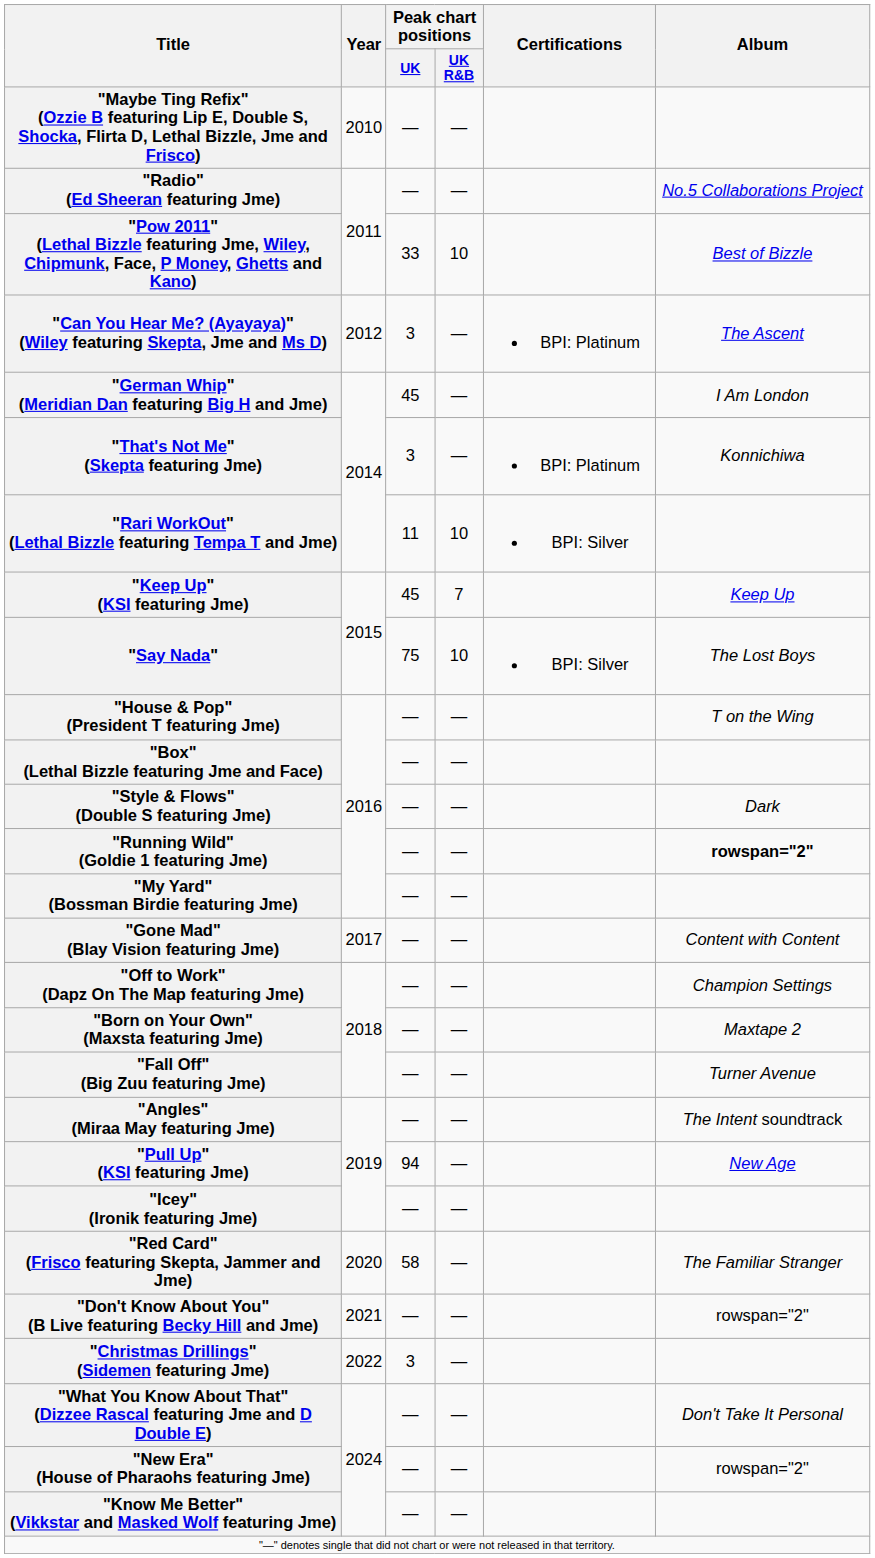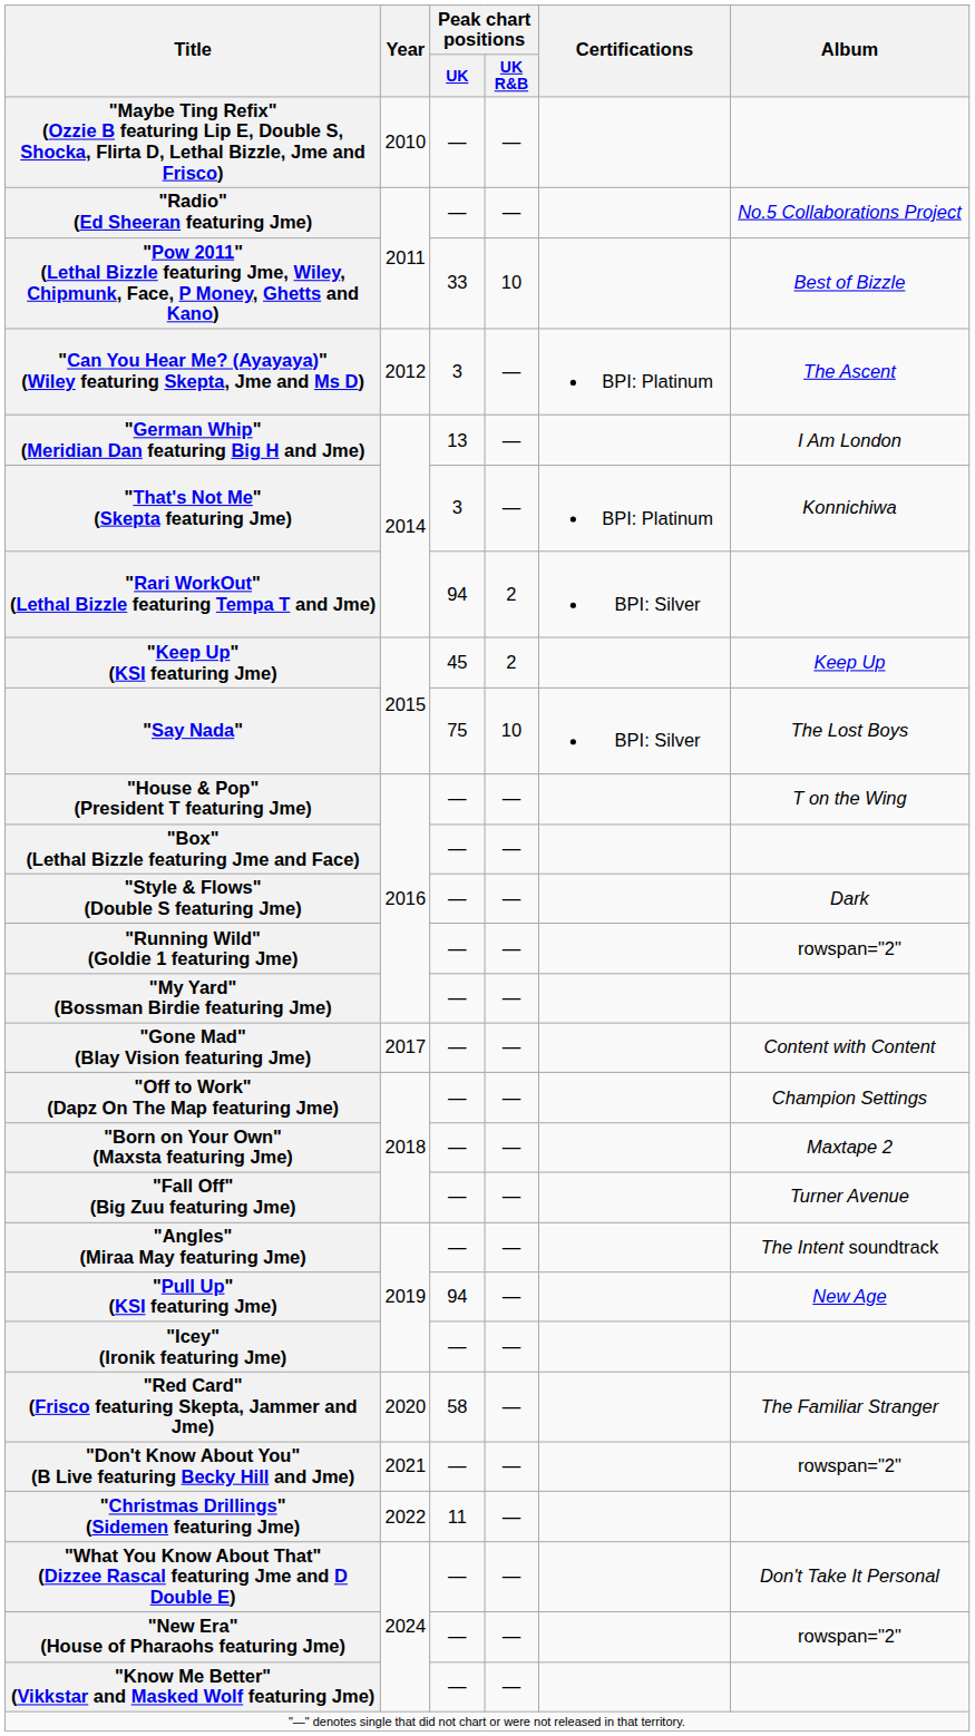 <table class="wikitable plainrowheaders" style="text-align:center;">
 <tr>
 <th scope="col" rowspan="2" style="width:20em;">Title</th>
 <th scope="col" rowspan="2" style="width:1em;">Year</th>
 <th scope="col" colspan="2">Peak chart positions</th>
 <th scope="col" rowspan="2" style="width:10em;">Certifications</th>
 <th scope="col" rowspan="2" style="width:12.5em;">Album</th>
 </tr>
 <tr>
 <th scope="col" style="width:3em;font-size:85%;"><a href='#'>UK</a><br></th>
 <th scope="col" style="width:3em;font-size:85%;"><a href='#'>UK<br>R&B</a></th>
 </tr>
 <tr>
 <th scope="row">"Maybe Ting Refix" <br><span> (<a href='#'>Ozzie B</a> featuring Lip E, Double S, <a href='#'>Shocka</a>, Flirta D, Lethal Bizzle, Jme and <a href='#'>Frisco</a>) </span></th>
 <td>2010</td>
 <td>—</td>
 <td>—</td>
 <td></td>
 <td></td>
 </tr>
 <tr>
 <th scope="row">"Radio"<br><span>(<a href='#'>Ed Sheeran</a> featuring Jme)</span></th>
 <td rowspan="2">2011</td>
 <td>—</td>
 <td>—</td>
 <td></td>
 <td><em><a href='#'>No.5 Collaborations Project</a></em></td>
 </tr>
 <tr>
 <th scope="row">"<a href='#'>Pow 2011</a>"<br><span>(<a href='#'>Lethal Bizzle</a> featuring Jme, <a href='#'>Wiley</a>, <a href='#'>Chipmunk</a>, Face, <a href='#'>P Money</a>, <a href='#'>Ghetts</a> and <a href='#'>Kano</a>)</span></th>
 <td>33</td>
 <td>10</td>
 <td></td>
 <td><em><a href='#'>Best of Bizzle</a></em></td>
 </tr>
 <tr>
 <th scope="row">"<a href='#'>Can You Hear Me? (Ayayaya)</a>"<br><span>(<a href='#'>Wiley</a> featuring <a href='#'>Skepta</a>, Jme and <a href='#'>Ms D</a>)</span></th>
 <td>2012</td>
 <td>3</td>
 <td>—</td>
 <td><br><ul><li>BPI: Platinum</li></ul></td>
 <td><em><a href='#'>The Ascent</a></em></td>
 </tr>
 <tr>
 <th scope="row">"<a href='#'>German Whip</a>" <br><span>(<a href='#'>Meridian Dan</a> featuring <a href='#'>Big H</a> and Jme)</span></th>
 <td rowspan="3">2014</td>
-<td>45</td>
+<td>13</td>
 <td>—</td>
 <td></td>
 <td><em>I Am London</em></td>
 </tr>
 <tr>
 <th scope="row">"<a href='#'>That's Not Me</a>"<br><span>(<a href='#'>Skepta</a> featuring Jme)</span></th>
 <td>3</td>
 <td>—</td>
 <td><br><ul><li>BPI: Platinum</li></ul></td>
 <td><em>Konnichiwa</em></td>
 </tr>
 <tr>
 <th scope="row">"<a href='#'>Rari WorkOut</a>"<br><span>(<a href='#'>Lethal Bizzle</a> featuring <a href='#'>Tempa T</a> and Jme)</span></th>
-<td>11</td>
-<td>10</td>
+<td>94</td>
+<td>2</td>
 <td><br><ul><li>BPI: Silver</li></ul></td>
 <td></td>
 </tr>
 <tr>
 <th scope="row">"<a href='#'>Keep Up</a>"<br><span>(<a href='#'>KSI</a> featuring Jme)</span></th>
 <td rowspan="2">2015</td>
 <td>45</td>
-<td>7</td>
+<td>2</td>
 <td></td>
 <td><em><a href='#'>Keep Up</a></em></td>
 </tr>
 <tr>
 <th scope="row">"<a href='#'>Say Nada</a>"<br> </th>
 <td>75</td>
 <td>10</td>
 <td><br><ul><li>BPI: Silver</li></ul></td>
 <td><em>The Lost Boys</em></td>
 </tr>
 <tr>
 <th scope="row">"House & Pop"<br><span>(President T featuring Jme)</span></th>
 <td rowspan="5">2016</td>
 <td>—</td>
 <td>—</td>
 <td></td>
 <td><em>T on the Wing</em></td>
 </tr>
 <tr>
 <th scope="row">"Box"<br><span>(Lethal Bizzle featuring Jme and Face)</span></th>
 <td>—</td>
 <td>—</td>
 <td></td>
 <td></td>
 </tr>
 <tr>
 <th scope="row">"Style & Flows"<br><span>(Double S featuring Jme)</span></th>
 <td>—</td>
 <td>—</td>
 <td></td>
 <td><em>Dark</em></td>
 </tr>
 <tr>
 <th scope="row">"Running Wild"<br><span>(Goldie 1 featuring Jme)</span></th>
 <td>—</td>
 <td>—</td>
 <td></td>
-<td><strong>rowspan="2" </strong></td>
+<td>rowspan="2" </td>
 </tr>
 <tr>
 <th scope="row">"My Yard"<br><span>(Bossman Birdie featuring Jme)</span></th>
 <td>—</td>
 <td>—</td>
 <td></td>
 </tr>
 <tr>
 <th scope="row">"Gone Mad"<br><span>(Blay Vision featuring Jme)</span></th>
 <td>2017</td>
 <td>—</td>
 <td>—</td>
 <td></td>
 <td><em>Content with Content</em></td>
 </tr>
 <tr>
 <th scope="row">"Off to Work"<br><span>(Dapz On The Map featuring Jme)</span></th>
 <td rowspan="3">2018</td>
 <td>—</td>
 <td>—</td>
 <td></td>
 <td><em>Champion Settings</em></td>
 </tr>
 <tr>
 <th scope="row">"Born on Your Own"<br><span>(Maxsta featuring Jme)</span></th>
 <td>—</td>
 <td>—</td>
 <td></td>
 <td><em>Maxtape 2</em></td>
 </tr>
 <tr>
 <th scope="row">"Fall Off"<br><span>(Big Zuu featuring Jme)</span></th>
 <td>—</td>
 <td>—</td>
 <td></td>
 <td><em>Turner Avenue</em></td>
 </tr>
 <tr>
 <th scope="row">"Angles"<br><span>(Miraa May featuring Jme)</span></th>
 <td rowspan="3">2019</td>
 <td>—</td>
 <td>—</td>
 <td></td>
 <td><em>The Intent</em> soundtrack</td>
 </tr>
 <tr>
 <th scope="row">"<a href='#'>Pull Up</a>"<br><span>(<a href='#'>KSI</a> featuring Jme)</span></th>
 <td>94</td>
 <td>—</td>
 <td></td>
 <td><em><a href='#'>New Age</a></em></td>
 </tr>
 <tr>
 <th scope="row">"Icey"<br><span>(Ironik featuring Jme)</span></th>
 <td>—</td>
 <td>—</td>
 <td></td>
 <td></td>
 </tr>
 <tr>
 <th scope="row">"Red Card"<br><span>(<a href='#'>Frisco</a> featuring Skepta, Jammer and Jme)</span></th>
 <td>2020</td>
 <td>58</td>
 <td>—</td>
 <td></td>
 <td><em>The Familiar Stranger</em></td>
 </tr>
 <tr>
 <th scope="row">"Don't Know About You" <br><span>(B Live featuring <a href='#'>Becky Hill</a> and Jme)</span></th>
 <td>2021</td>
 <td>—</td>
 <td>—</td>
 <td></td>
 <td>rowspan="2" </td>
 </tr>
 <tr>
 <th scope="row">"<a href='#'>Christmas Drillings</a>"<br><span>(<a href='#'>Sidemen</a> featuring Jme)</span></th>
 <td>2022</td>
-<td>3</td>
+<td>11</td>
 <td>—</td>
 <td></td>
 </tr>
 <tr>
 <th scope="row">"What You Know About That" <br><span>(<a href='#'>Dizzee Rascal</a> featuring Jme and <a href='#'>D Double E</a>)</span></th>
 <td rowspan="3">2024</td>
 <td>—</td>
 <td>—</td>
 <td></td>
 <td><em>Don't Take It Personal</em></td>
 </tr>
 <tr>
 <th scope="row">"New Era" <br><span>(House of Pharaohs featuring Jme)</span></th>
 <td>—</td>
 <td>—</td>
 <td></td>
 <td>rowspan="2"</td>
 </tr>
 <tr>
 <th scope="row">"Know Me Better" <br><span>(<a href='#'>Vikkstar</a> and <a href='#'>Masked Wolf</a> featuring Jme)</span></th>
 <td>—</td>
 <td>—</td>
 <td></td>
 </tr>
 <tr>
 <td colspan="6" style="text-align:center; font-size:8pt;">"—" denotes single that did not chart or were not released in that territory.</td>
 </tr>
 </table>
